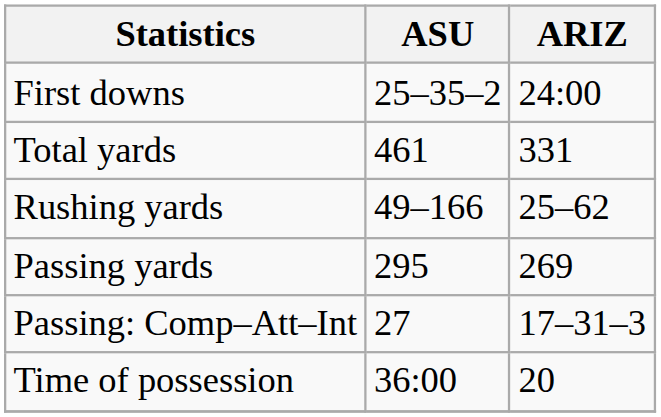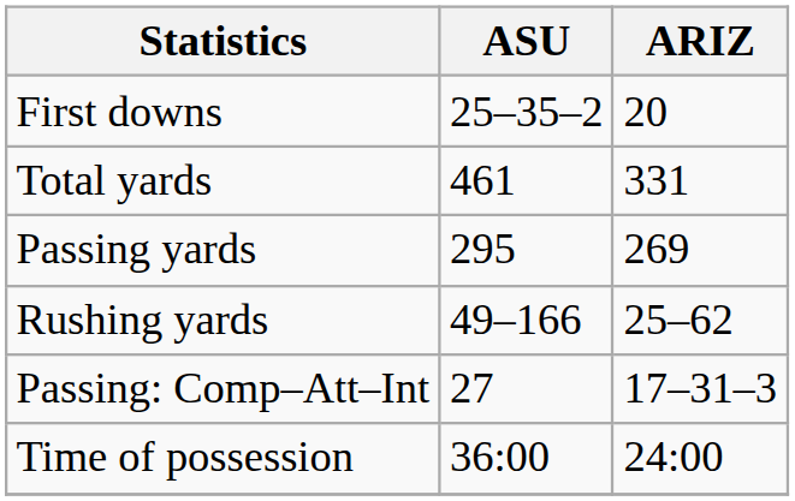 <table class="wikitable" style="float: left;">
 <tr>
 <th>Statistics</th>
 <th>ASU</th>
 <th>ARIZ</th>
 </tr>
 <tr>
 <td>First downs</td>
 <td>25–35–2</td>
-<td>24:00</td>
+<td>20</td>
 </tr>
 <tr>
 <td>Total yards</td>
 <td>461</td>
 <td>331</td>
 </tr>
 <tr>
+<td>Passing yards</td>
+<td>295</td>
+<td>269</td>
+</tr>
+<tr>
 <td>Rushing yards</td>
 <td>49–166</td>
 <td>25–62</td>
-</tr>
-<tr>
-<td>Passing yards</td>
-<td>295</td>
-<td>269</td>
 </tr>
 <tr>
 <td>Passing: Comp–Att–Int</td>
 <td>27</td>
 <td>17–31–3</td>
 </tr>
 <tr>
 <td>Time of possession</td>
 <td>36:00</td>
-<td>20</td>
+<td>24:00</td>
 </tr>
 <tr>
 </tr>
 </table>
